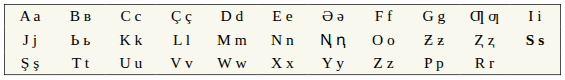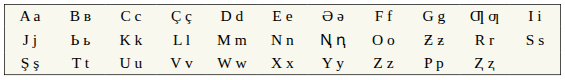 <table style="font-family:Arial Unicode MS; font-size:1.4em; border-color:#000000; border-width:1px; border-style:solid; border-collapse:collapse; background-color:#F8F8EF">
 <tr>
 <td style="width:3em; text-align:center; padding: 3px;">A a</td>
 <td style="width:3em; text-align:center; padding: 3px;">B в</td>
 <td style="width:3em; text-align:center; padding: 3px;">C c</td>
 <td style="width:3em; text-align:center; padding: 3px;">Ç ç</td>
 <td style="width:3em; text-align:center; padding: 3px;">D d</td>
 <td style="width:3em; text-align:center; padding: 3px;">E e</td>
 <td style="width:3em; text-align:center; padding: 3px;">Ə ə</td>
 <td style="width:3em; text-align:center; padding: 3px;">F f</td>
 <td style="width:3em; text-align:center; padding: 3px;">G g</td>
 <td style="width:3em; text-align:center; padding: 3px;">Ƣ ƣ</td>
 <td style="width:3em; text-align:center; padding: 3px;">I i</td>
 </tr>
 <tr>
 <td style="width:3em; text-align:center; padding: 3px;">J j</td>
 <td style="width:3em; text-align:center; padding: 3px;">Ь ь</td>
 <td style="width:3em; text-align:center; padding: 3px;">K k</td>
 <td style="width:3em; text-align:center; padding: 3px;">L l</td>
 <td style="width:3em; text-align:center; padding: 3px;">M m</td>
 <td style="width:3em; text-align:center; padding: 3px;">N n</td>
 <td style="width:3em; text-align:center; padding: 3px;">Ꞑ ꞑ</td>
 <td style="width:3em; text-align:center; padding: 3px;">O o</td>
 <td style="width:3em; text-align:center; padding: 3px;">Ƶ ƶ</td>
-<td style="width:3em; text-align:center; padding: 3px;">Ⱬ ⱬ</td>
-<td style="width:3em; text-align:center; padding: 3px;"><strong>S s</strong></td>
+<td style="width:3em; text-align:center; padding: 3px;">R r</td>
+<td style="width:3em; text-align:center; padding: 3px;">S s</td>
 </tr>
 <tr>
 <td style="width:3em; text-align:center; padding: 3px;">Ş ş</td>
 <td style="width:3em; text-align:center; padding: 3px;">T t</td>
 <td style="width:3em; text-align:center; padding: 3px;">U u</td>
 <td style="width:3em; text-align:center; padding: 3px;">V v</td>
 <td style="width:3em; text-align:center; padding: 3px;">W w</td>
 <td style="width:3em; text-align:center; padding: 3px;">X x</td>
 <td style="width:3em; text-align:center; padding: 3px;">Y y</td>
 <td style="width:3em; text-align:center; padding: 3px;">Z z</td>
 <td style="width:3em; text-align:center; padding: 3px;">P p</td>
-<td style="width:3em; text-align:center; padding: 3px;">R r</td>
+<td style="width:3em; text-align:center; padding: 3px;">Ⱬ ⱬ</td>
 </tr>
 </table>
